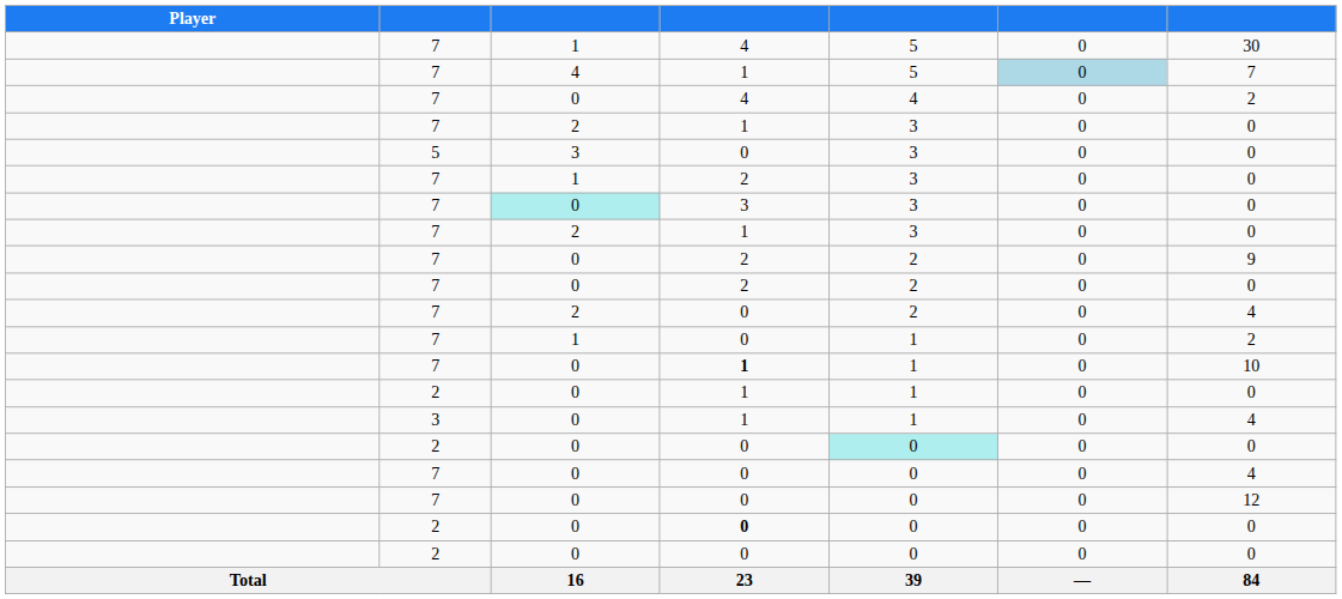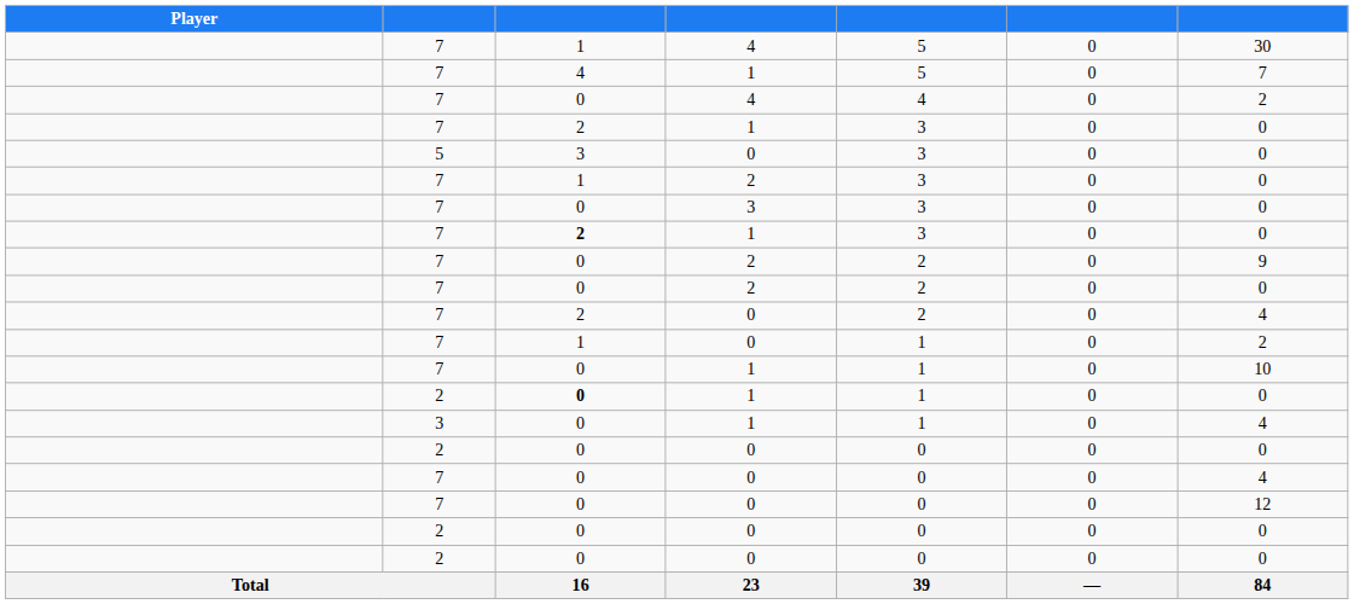 <table class="wikitable sortable" style="width:100%; text-align:center;">
 <tr>
 <th style="color:white; background:#1D7CF2; ">Player</th>
 <th style="color:white; background:#1D7CF2; "></th>
 <th style="color:white; background:#1D7CF2; "></th>
 <th style="color:white; background:#1D7CF2; "></th>
 <th style="color:white; background:#1D7CF2; "></th>
 <th style="color:white; background:#1D7CF2; "></th>
 <th style="color:white; background:#1D7CF2; "></th>
 </tr>
 <tr>
 <td></td>
 <td>7</td>
 <td>1</td>
 <td>4</td>
 <td>5</td>
 <td>0</td>
 <td>30</td>
 </tr>
 <tr>
 <td></td>
 <td>7</td>
 <td>4</td>
 <td>1</td>
 <td>5</td>
-<td style="background: lightblue;">0</td>
+<td>0</td>
 <td>7</td>
 </tr>
 <tr>
 <td></td>
 <td>7</td>
 <td>0</td>
 <td>4</td>
 <td>4</td>
 <td>0</td>
 <td>2</td>
 </tr>
 <tr>
 <td></td>
 <td>7</td>
 <td>2</td>
 <td>1</td>
 <td>3</td>
 <td>0</td>
 <td>0</td>
 </tr>
 <tr>
 <td></td>
 <td>5</td>
 <td>3</td>
 <td>0</td>
 <td>3</td>
 <td>0</td>
 <td>0</td>
 </tr>
 <tr>
 <td></td>
 <td>7</td>
 <td>1</td>
 <td>2</td>
 <td>3</td>
 <td>0</td>
 <td>0</td>
 </tr>
 <tr>
 <td></td>
 <td>7</td>
-<td style="background: paleturquoise;">0</td>
+<td>0</td>
 <td>3</td>
 <td>3</td>
 <td>0</td>
 <td>0</td>
 </tr>
 <tr>
 <td></td>
 <td>7</td>
-<td>2</td>
+<td><strong>2</strong></td>
 <td>1</td>
 <td>3</td>
 <td>0</td>
 <td>0</td>
 </tr>
 <tr>
 <td></td>
 <td>7</td>
 <td>0</td>
 <td>2</td>
 <td>2</td>
 <td>0</td>
 <td>9</td>
 </tr>
 <tr>
 <td></td>
 <td>7</td>
 <td>0</td>
 <td>2</td>
 <td>2</td>
 <td>0</td>
 <td>0</td>
 </tr>
 <tr>
 <td></td>
 <td>7</td>
 <td>2</td>
 <td>0</td>
 <td>2</td>
 <td>0</td>
 <td>4</td>
 </tr>
 <tr>
 <td></td>
 <td>7</td>
 <td>1</td>
 <td>0</td>
 <td>1</td>
 <td>0</td>
 <td>2</td>
 </tr>
 <tr>
 <td></td>
 <td>7</td>
 <td>0</td>
-<td><strong>1</strong></td>
+<td>1</td>
 <td>1</td>
 <td>0</td>
 <td>10</td>
 </tr>
 <tr>
 <td></td>
 <td>2</td>
-<td>0</td>
+<td><strong>0</strong></td>
 <td>1</td>
 <td>1</td>
 <td>0</td>
 <td>0</td>
 </tr>
 <tr>
 <td></td>
 <td>3</td>
 <td>0</td>
 <td>1</td>
 <td>1</td>
 <td>0</td>
 <td>4</td>
 </tr>
 <tr>
 <td></td>
 <td>2</td>
 <td>0</td>
 <td>0</td>
-<td style="background: paleturquoise;">0</td>
+<td>0</td>
 <td>0</td>
 <td>0</td>
 </tr>
 <tr>
 <td></td>
 <td>7</td>
 <td>0</td>
 <td>0</td>
 <td>0</td>
 <td>0</td>
 <td>4</td>
 </tr>
 <tr>
 <td></td>
 <td>7</td>
 <td>0</td>
 <td>0</td>
 <td>0</td>
 <td>0</td>
 <td>12</td>
 </tr>
 <tr>
 <td></td>
 <td>2</td>
 <td>0</td>
-<td><strong>0</strong></td>
+<td>0</td>
 <td>0</td>
 <td>0</td>
 <td>0</td>
 </tr>
 <tr>
 <td></td>
 <td>2</td>
 <td>0</td>
 <td>0</td>
 <td>0</td>
 <td>0</td>
 <td>0</td>
 </tr>
 <tr class="sortbottom">
 <th colspan=2>Total</th>
 <th>16</th>
 <th>23</th>
 <th>39</th>
 <th>—</th>
 <th>84</th>
 </tr>
 </table>
